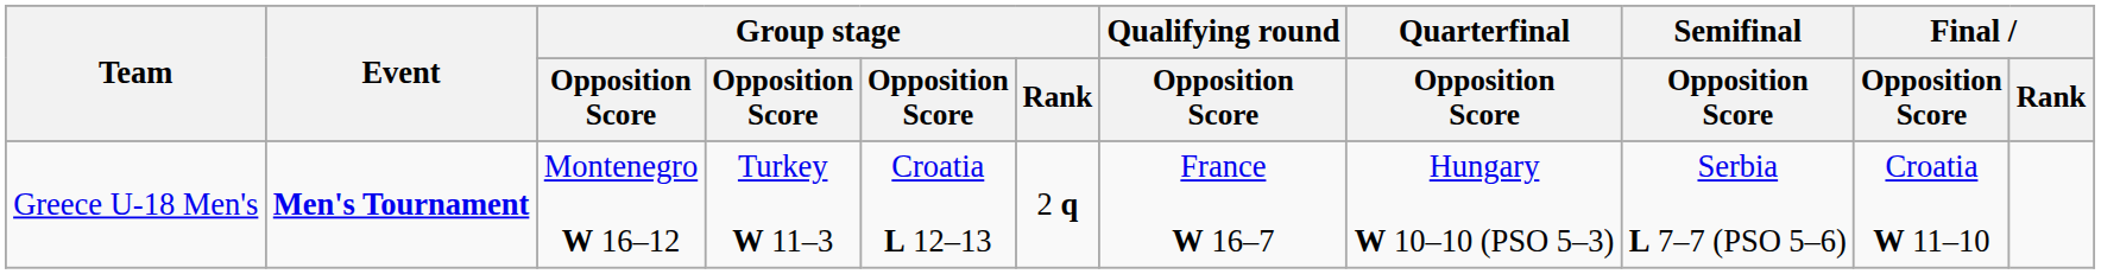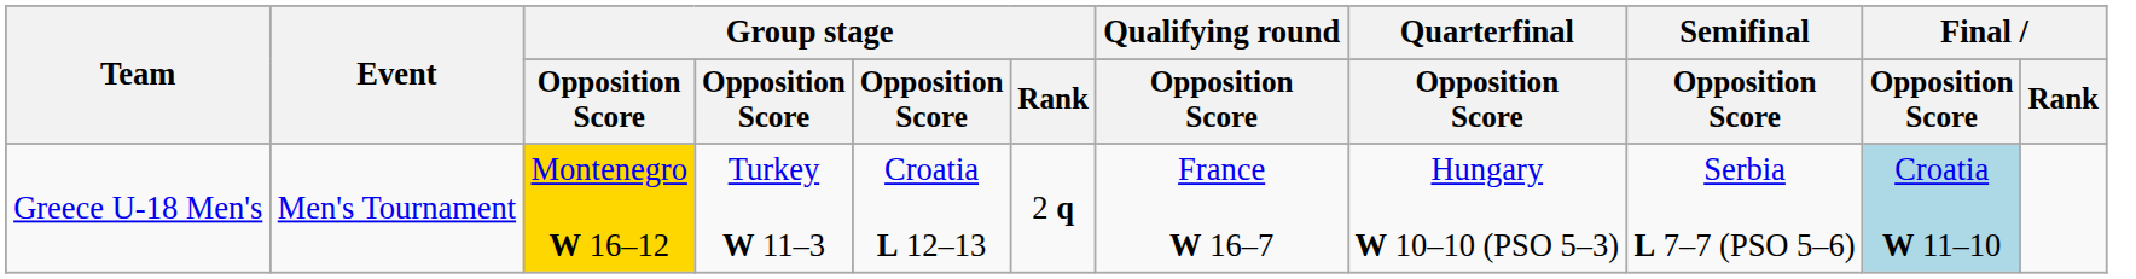 <table class="wikitable" style="font-size:90%">
 <tr>
 <th rowspan=2>Team</th>
 <th rowspan=2>Event</th>
 <th colspan=4>Group stage</th>
 <th>Qualifying round</th>
 <th>Quarterfinal</th>
 <th>Semifinal</th>
 <th colspan=2>Final / </th>
 </tr>
 <tr style="font-size:95%">
 <th>Opposition<br>Score</th>
 <th>Opposition<br>Score</th>
 <th>Opposition<br>Score</th>
 <th>Rank</th>
 <th>Opposition<br>Score</th>
 <th>Opposition<br>Score</th>
 <th>Opposition<br>Score</th>
 <th>Opposition<br>Score</th>
 <th>Rank</th>
 </tr>
 <tr align=center>
 <td align=left><a href='#'>Greece U-18 Men's</a></td>
-<td align=left><strong><a href='#'>Men's Tournament</a></strong></td>
-<td><a href='#'>Montenegro</a><br><br><strong>W</strong> 16–12</td>
+<td align=left><a href='#'>Men's Tournament</a></td>
+<td style="background: gold;"><a href='#'>Montenegro</a><br><br><strong>W</strong> 16–12</td>
 <td><a href='#'>Turkey</a><br><br><strong>W</strong> 11–3</td>
 <td><a href='#'>Croatia</a><br><br><strong>L</strong> 12–13</td>
 <td>2 <strong>q</strong></td>
 <td><a href='#'>France</a><br><br><strong>W</strong> 16–7</td>
 <td><a href='#'>Hungary</a><br><br><strong>W</strong> 10–10 (PSO 5–3)</td>
 <td><a href='#'>Serbia</a><br><br><strong>L</strong> 7–7 (PSO 5–6)</td>
-<td><a href='#'>Croatia</a><br><br><strong>W</strong> 11–10</td>
+<td style="background: lightblue;"><a href='#'>Croatia</a><br><br><strong>W</strong> 11–10</td>
 <td></td>
 </tr>
 </table>
